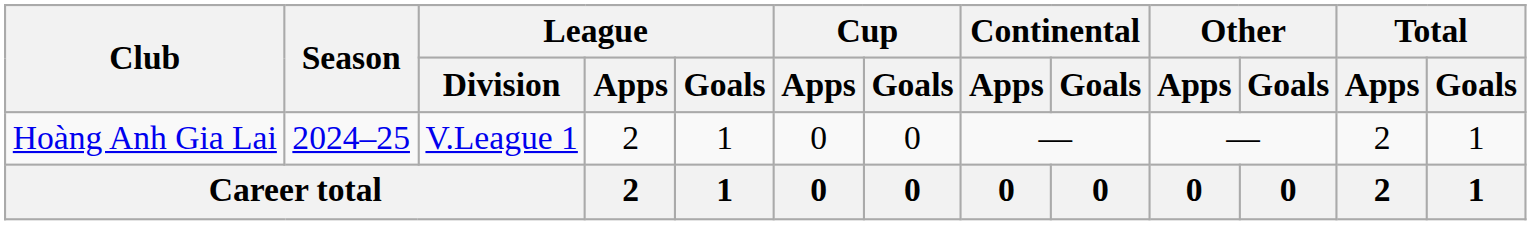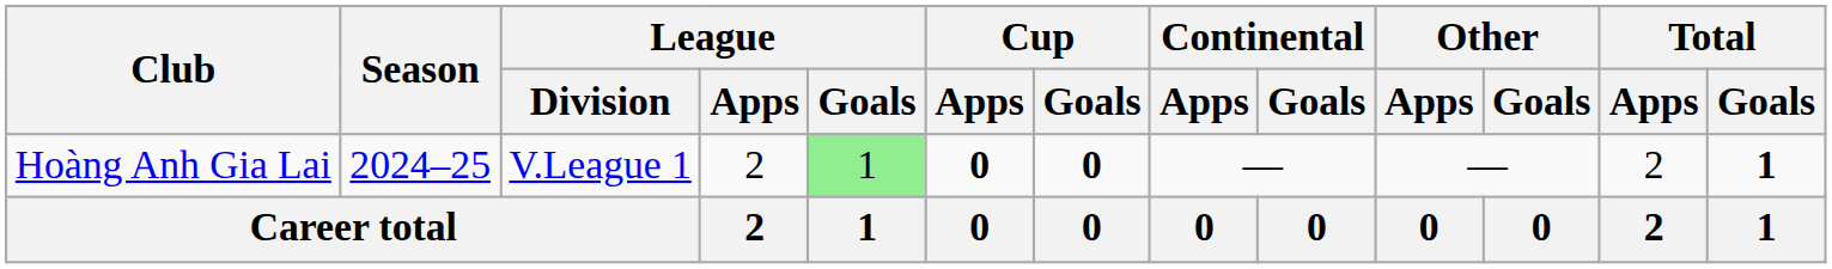 <table class="wikitable" style="text-align:center">
 <tr>
 <th rowspan="2">Club</th>
 <th rowspan="2">Season</th>
 <th colspan="3">League</th>
 <th colspan="2">Cup</th>
 <th colspan="2">Continental</th>
 <th colspan="2">Other</th>
 <th colspan="2">Total</th>
 </tr>
 <tr>
 <th>Division</th>
 <th>Apps</th>
 <th>Goals</th>
 <th>Apps</th>
 <th>Goals</th>
 <th>Apps</th>
 <th>Goals</th>
 <th>Apps</th>
 <th>Goals</th>
 <th>Apps</th>
 <th>Goals</th>
 </tr>
 <tr>
 <td><a href='#'>Hoàng Anh Gia Lai</a></td>
 <td><a href='#'>2024–25</a></td>
 <td><a href='#'>V.League 1</a></td>
 <td>2</td>
-<td>1</td>
-<td>0</td>
-<td>0</td>
+<td style="background: lightgreen;">1</td>
+<td><strong>0</strong></td>
+<td><strong>0</strong></td>
 <td colspan="2">—</td>
 <td colspan="2">—</td>
 <td>2</td>
-<td>1</td>
+<td><strong>1</strong></td>
 </tr>
 <tr>
 <th colspan="3">Career total</th>
 <th>2</th>
 <th>1</th>
 <th>0</th>
 <th>0</th>
 <th>0</th>
 <th>0</th>
 <th>0</th>
 <th>0</th>
 <th>2</th>
 <th>1</th>
 </tr>
 </table>
